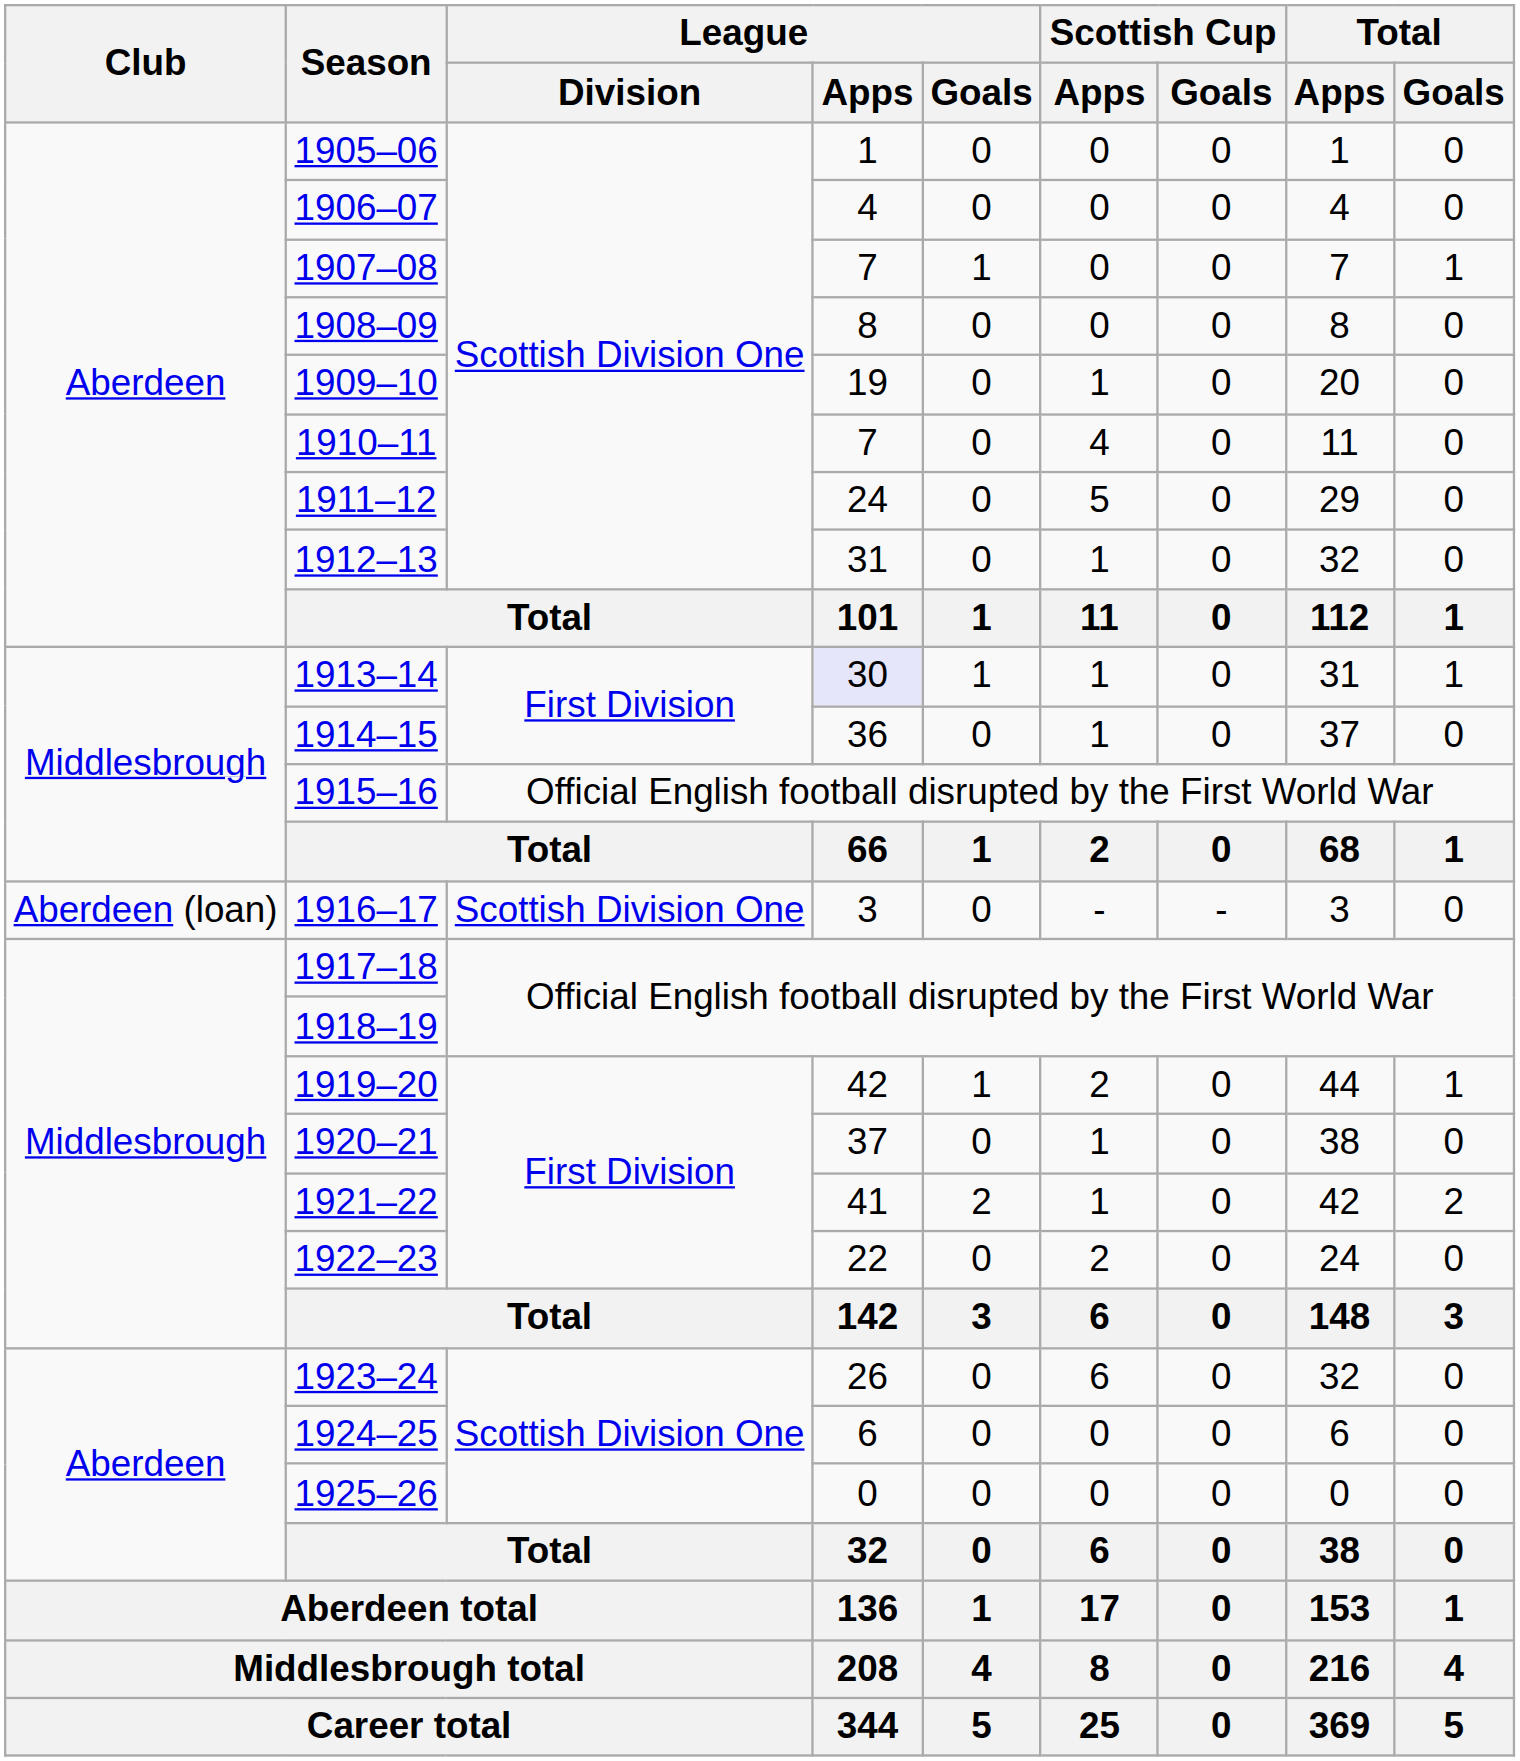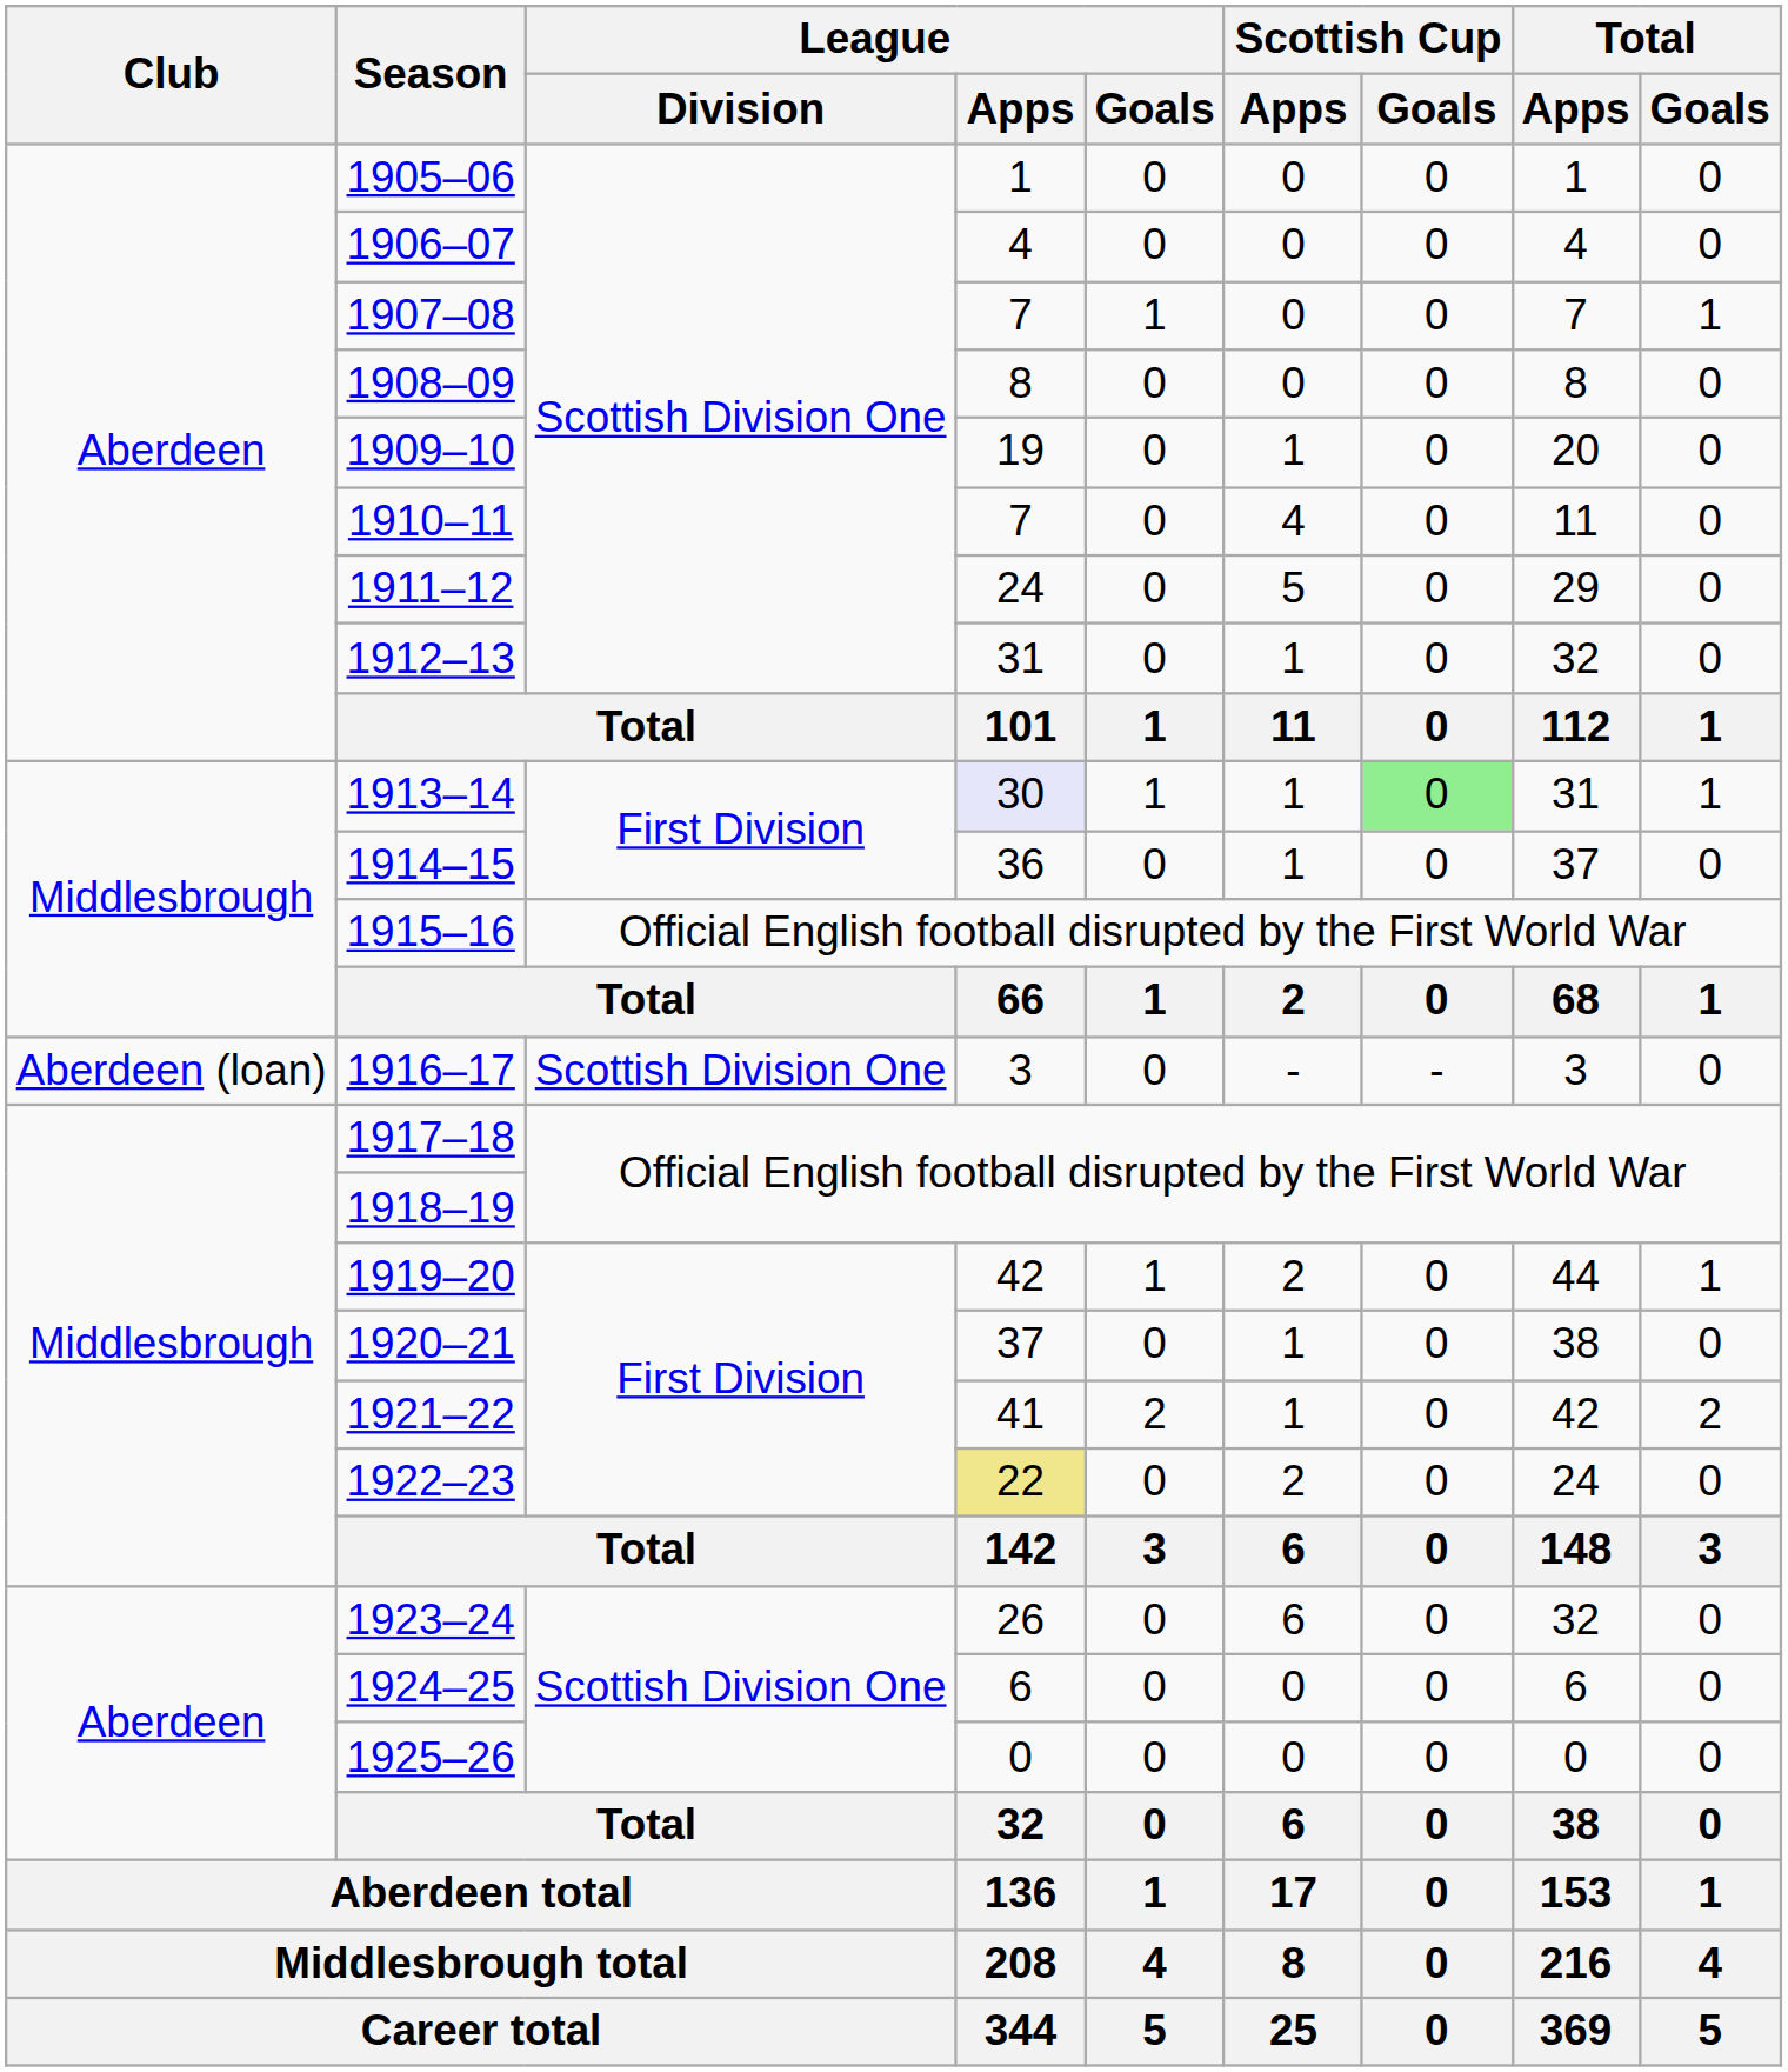 <table class="wikitable" style="text-align:center">
 <tr>
 <th rowspan="2">Club</th>
 <th rowspan="2">Season</th>
 <th colspan="3">League</th>
 <th colspan="2">Scottish Cup</th>
 <th colspan="2">Total</th>
 </tr>
 <tr>
 <th>Division</th>
 <th>Apps</th>
 <th>Goals</th>
 <th>Apps</th>
 <th>Goals</th>
 <th>Apps</th>
 <th>Goals</th>
 </tr>
 <tr>
 <td rowspan="9"><a href='#'>Aberdeen</a></td>
 <td><a href='#'>1905–06</a></td>
 <td rowspan="8"><a href='#'>Scottish Division One</a></td>
 <td>1</td>
 <td>0</td>
 <td>0</td>
 <td>0</td>
 <td>1</td>
 <td>0</td>
 </tr>
 <tr>
 <td><a href='#'>1906–07</a></td>
 <td>4</td>
 <td>0</td>
 <td>0</td>
 <td>0</td>
 <td>4</td>
 <td>0</td>
 </tr>
 <tr>
 <td><a href='#'>1907–08</a></td>
 <td>7</td>
 <td>1</td>
 <td>0</td>
 <td>0</td>
 <td>7</td>
 <td>1</td>
 </tr>
 <tr>
 <td><a href='#'>1908–09</a></td>
 <td>8</td>
 <td>0</td>
 <td>0</td>
 <td>0</td>
 <td>8</td>
 <td>0</td>
 </tr>
 <tr>
 <td><a href='#'>1909–10</a></td>
 <td>19</td>
 <td>0</td>
 <td>1</td>
 <td>0</td>
 <td>20</td>
 <td>0</td>
 </tr>
 <tr>
 <td><a href='#'>1910–11</a></td>
 <td>7</td>
 <td>0</td>
 <td>4</td>
 <td>0</td>
 <td>11</td>
 <td>0</td>
 </tr>
 <tr>
 <td><a href='#'>1911–12</a></td>
 <td>24</td>
 <td>0</td>
 <td>5</td>
 <td>0</td>
 <td>29</td>
 <td>0</td>
 </tr>
 <tr>
 <td><a href='#'>1912–13</a></td>
 <td>31</td>
 <td>0</td>
 <td>1</td>
 <td>0</td>
 <td>32</td>
 <td>0</td>
 </tr>
 <tr>
 <th colspan="2">Total</th>
 <th>101</th>
 <th>1</th>
 <th>11</th>
 <th>0</th>
 <th>112</th>
 <th>1</th>
 </tr>
 <tr>
 <td rowspan="4"><a href='#'>Middlesbrough</a></td>
 <td><a href='#'>1913–14</a></td>
 <td rowspan="2"><a href='#'>First Division</a></td>
 <td style="background: lavender;">30</td>
 <td>1</td>
 <td>1</td>
-<td>0</td>
+<td style="background: lightgreen;">0</td>
 <td>31</td>
 <td>1</td>
 </tr>
 <tr>
 <td><a href='#'>1914–15</a></td>
 <td>36</td>
 <td>0</td>
 <td>1</td>
 <td>0</td>
 <td>37</td>
 <td>0</td>
 </tr>
 <tr>
 <td><a href='#'>1915–16</a></td>
 <td colspan="7">Official English football disrupted by the First World War</td>
 </tr>
 <tr>
 <th colspan="2">Total</th>
 <th>66</th>
 <th>1</th>
 <th>2</th>
 <th>0</th>
 <th>68</th>
 <th>1</th>
 </tr>
 <tr>
 <td><a href='#'>Aberdeen</a> (loan)</td>
 <td><a href='#'>1916–17</a></td>
 <td><a href='#'>Scottish Division One</a></td>
 <td>3</td>
 <td>0</td>
 <td>-</td>
 <td>-</td>
 <td>3</td>
 <td>0</td>
 </tr>
 <tr>
 <td rowspan="7"><a href='#'>Middlesbrough</a></td>
 <td><a href='#'>1917–18</a></td>
 <td colspan="7" rowspan="2">Official English football disrupted by the First World War</td>
 </tr>
 <tr>
 <td><a href='#'>1918–19</a></td>
 </tr>
 <tr>
 <td><a href='#'>1919–20</a></td>
 <td rowspan="4"><a href='#'>First Division</a></td>
 <td>42</td>
 <td>1</td>
 <td>2</td>
 <td>0</td>
 <td>44</td>
 <td>1</td>
 </tr>
 <tr>
 <td><a href='#'>1920–21</a></td>
 <td>37</td>
 <td>0</td>
 <td>1</td>
 <td>0</td>
 <td>38</td>
 <td>0</td>
 </tr>
 <tr>
 <td><a href='#'>1921–22</a></td>
 <td>41</td>
 <td>2</td>
 <td>1</td>
 <td>0</td>
 <td>42</td>
 <td>2</td>
 </tr>
 <tr>
 <td><a href='#'>1922–23</a></td>
-<td>22</td>
+<td style="background: khaki;">22</td>
 <td>0</td>
 <td>2</td>
 <td>0</td>
 <td>24</td>
 <td>0</td>
 </tr>
 <tr>
 <th colspan="2">Total</th>
 <th>142</th>
 <th>3</th>
 <th>6</th>
 <th>0</th>
 <th>148</th>
 <th>3</th>
 </tr>
 <tr>
 <td rowspan="4"><a href='#'>Aberdeen</a></td>
 <td><a href='#'>1923–24</a></td>
 <td rowspan="3"><a href='#'>Scottish Division One</a></td>
 <td>26</td>
 <td>0</td>
 <td>6</td>
 <td>0</td>
 <td>32</td>
 <td>0</td>
 </tr>
 <tr>
 <td><a href='#'>1924–25</a></td>
 <td>6</td>
 <td>0</td>
 <td>0</td>
 <td>0</td>
 <td>6</td>
 <td>0</td>
 </tr>
 <tr>
 <td><a href='#'>1925–26</a></td>
 <td>0</td>
 <td>0</td>
 <td>0</td>
 <td>0</td>
 <td>0</td>
 <td>0</td>
 </tr>
 <tr>
 <th colspan="2">Total</th>
 <th>32</th>
 <th>0</th>
 <th>6</th>
 <th>0</th>
 <th>38</th>
 <th>0</th>
 </tr>
 <tr>
 <th colspan="3">Aberdeen total</th>
 <th>136</th>
 <th>1</th>
 <th>17</th>
 <th>0</th>
 <th>153</th>
 <th>1</th>
 </tr>
 <tr>
 <th colspan="3">Middlesbrough total</th>
 <th>208</th>
 <th>4</th>
 <th>8</th>
 <th>0</th>
 <th>216</th>
 <th>4</th>
 </tr>
 <tr>
 <th colspan="3">Career total</th>
 <th>344</th>
 <th>5</th>
 <th>25</th>
 <th>0</th>
 <th>369</th>
 <th>5</th>
 </tr>
 </table>
